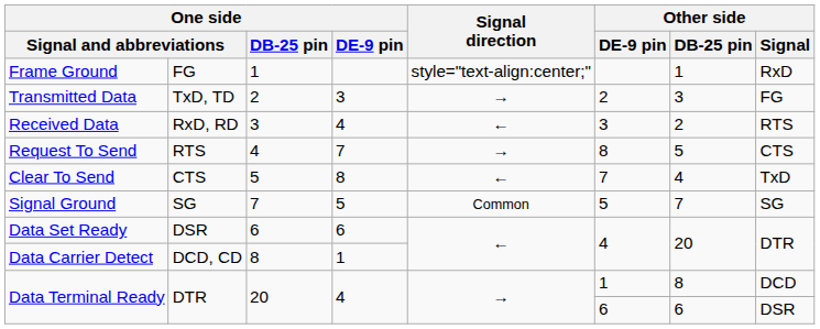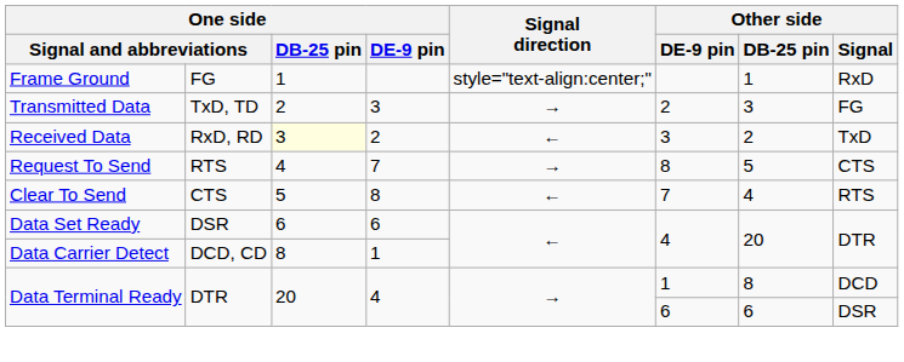 <table class="wikitable">
 <tr>
 <th colspan="4">One side</th>
 <th rowspan="2">Signal<br>direction</th>
 <th colspan="3">Other side</th>
 </tr>
 <tr>
 <th colspan="2">Signal and abbreviations</th>
 <th><a href='#'>DB-25</a> pin</th>
 <th><a href='#'>DE-9</a> pin</th>
 <th>DE-9 pin</th>
 <th>DB-25 pin</th>
 <th>Signal</th>
 </tr>
 <tr>
 <td><a href='#'>Frame Ground</a></td>
 <td>FG</td>
 <td>1</td>
 <td></td>
 <td>style="text-align:center;"   </td>
 <td></td>
 <td>1</td>
 <td>RxD</td>
 </tr>
 <tr>
 <td><a href='#'>Transmitted Data</a></td>
 <td>TxD, TD</td>
 <td>2</td>
 <td>3</td>
 <td style="text-align:center;">→</td>
 <td>2</td>
 <td>3</td>
 <td>FG</td>
 </tr>
 <tr>
 <td><a href='#'>Received Data</a></td>
 <td>RxD, RD</td>
-<td>3</td>
-<td>4</td>
+<td style="background: lightyellow;">3</td>
+<td>2</td>
 <td style="text-align:center;">←</td>
 <td>3</td>
 <td>2</td>
-<td>RTS</td>
+<td>TxD</td>
 </tr>
 <tr>
 <td><a href='#'>Request To Send</a></td>
 <td>RTS</td>
 <td>4</td>
 <td>7</td>
 <td style="text-align:center;">→</td>
 <td>8</td>
 <td>5</td>
 <td>CTS</td>
 </tr>
 <tr>
 <td><a href='#'>Clear To Send</a></td>
 <td>CTS</td>
 <td>5</td>
 <td>8</td>
 <td style="text-align:center;">←</td>
 <td>7</td>
 <td>4</td>
-<td>TxD</td>
-</tr>
-<tr>
-<td><a href='#'>Signal Ground</a></td>
-<td>SG</td>
-<td>7</td>
-<td>5</td>
-<td style="text-align:center;"><small>Common</small></td>
-<td>5</td>
-<td>7</td>
-<td>SG</td>
+<td>RTS</td>
 </tr>
 <tr>
 <td><a href='#'>Data Set Ready</a></td>
 <td>DSR</td>
 <td>6</td>
 <td>6</td>
 <td style="text-align:center;" rowspan="2">←</td>
 <td rowspan="2">4</td>
 <td rowspan="2">20</td>
 <td rowspan="2">DTR</td>
 </tr>
 <tr>
 <td><a href='#'>Data Carrier Detect</a></td>
 <td>DCD, CD</td>
 <td>8</td>
 <td>1</td>
 </tr>
 <tr>
 <td rowspan="2"><a href='#'>Data Terminal Ready</a></td>
 <td rowspan="2">DTR</td>
 <td rowspan="2">20</td>
 <td rowspan="2">4</td>
 <td style="text-align:center;" rowspan="2">→</td>
 <td>1</td>
 <td>8</td>
 <td>DCD</td>
 </tr>
 <tr>
 <td>6</td>
 <td>6</td>
 <td>DSR</td>
 </tr>
 </table>
